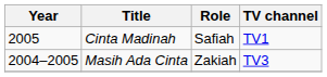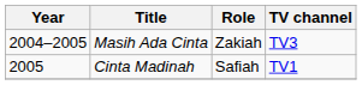 <table class="wikitable">
 <tr>
 <th>Year</th>
 <th>Title</th>
 <th>Role</th>
 <th>TV channel</th>
 </tr>
 <tr>
+<td>2004–2005</td>
+<td><em>Masih Ada Cinta</em></td>
+<td>Zakiah</td>
+<td><a href='#'>TV3</a></td>
+</tr>
+<tr>
 <td>2005</td>
 <td><em>Cinta Madinah</em></td>
 <td>Safiah</td>
 <td><a href='#'>TV1</a></td>
 </tr>
 <tr>
-<td>2004–2005</td>
-<td><em>Masih Ada Cinta</em></td>
-<td>Zakiah</td>
-<td><a href='#'>TV3</a></td>
-</tr>
-<tr>
 </tr>
 </table>
